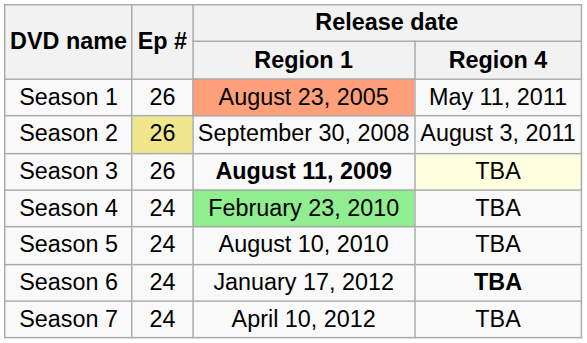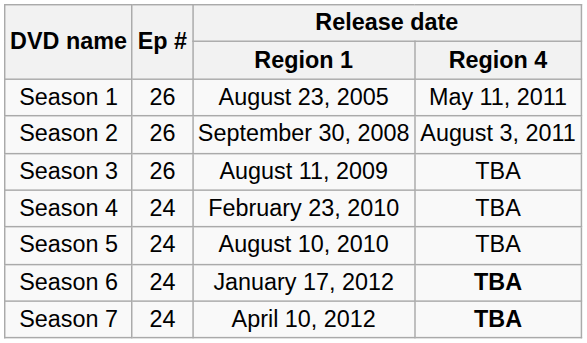 <table class="wikitable" style="text-align:center">
 <tr>
 <th rowspan="2">DVD name</th>
 <th rowspan="2">Ep #</th>
 <th colspan="2">Release date</th>
 </tr>
 <tr>
 <th>Region 1</th>
 <th>Region 4</th>
 </tr>
 <tr>
 <td>Season 1</td>
 <td style="text-align:center;">26</td>
-<td style="background: lightsalmon;">August 23, 2005<br></td>
+<td>August 23, 2005<br></td>
 <td>May 11, 2011</td>
 </tr>
 <tr>
 <td>Season 2</td>
-<td style="background: khaki; text-align:center;">26</td>
+<td style="text-align:center;">26</td>
 <td>September 30, 2008</td>
 <td>August 3, 2011</td>
 </tr>
 <tr>
 <td>Season 3</td>
 <td style="text-align:center;">26</td>
-<td><strong>August 11, 2009</strong></td>
-<td style="background: lightyellow;">TBA</td>
+<td>August 11, 2009</td>
+<td>TBA</td>
 </tr>
 <tr>
 <td>Season 4</td>
 <td style="text-align:center;">24</td>
-<td style="background: lightgreen;">February 23, 2010</td>
+<td>February 23, 2010</td>
 <td>TBA</td>
 </tr>
 <tr>
 <td>Season 5</td>
 <td style="text-align:center;">24</td>
 <td>August 10, 2010</td>
 <td>TBA</td>
 </tr>
 <tr>
 <td>Season 6</td>
 <td style="text-align:center;">24</td>
 <td>January 17, 2012</td>
 <td><strong>TBA</strong></td>
 </tr>
 <tr>
 <td>Season 7</td>
 <td style="text-align:center;">24</td>
 <td>April 10, 2012</td>
-<td>TBA</td>
+<td><strong>TBA</strong></td>
 </tr>
 </table>
